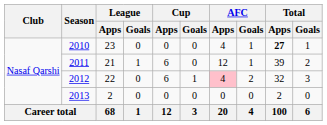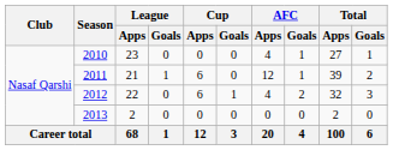 <table class="wikitable" style="font-size:90%; text-align:center;">
 <tr>
 <th rowspan="2">Club</th>
 <th rowspan="2">Season</th>
 <th colspan="2">League</th>
 <th colspan="2">Cup</th>
 <th colspan="2"><a href='#'>AFC</a></th>
 <th colspan="2">Total</th>
 </tr>
 <tr>
 <th>Apps</th>
 <th>Goals</th>
 <th>Apps</th>
 <th>Goals</th>
 <th>Apps</th>
 <th>Goals</th>
 <th>Apps</th>
 <th>Goals</th>
 </tr>
 <tr>
 <td rowspan="4"><a href='#'>Nasaf Qarshi</a></td>
 <td><a href='#'>2010</a></td>
 <td>23</td>
 <td>0</td>
 <td>0</td>
 <td>0</td>
 <td>4</td>
 <td>1</td>
-<td><strong>27</strong></td>
+<td>27</td>
 <td>1</td>
 </tr>
 <tr>
 <td><a href='#'>2011</a></td>
 <td>21</td>
 <td>1</td>
 <td>6</td>
 <td>0</td>
 <td>12</td>
 <td>1</td>
 <td>39</td>
 <td>2</td>
 </tr>
 <tr>
 <td><a href='#'>2012</a></td>
 <td>22</td>
 <td>0</td>
 <td>6</td>
 <td>1</td>
-<td style="background: pink;">4</td>
+<td>4</td>
 <td>2</td>
 <td>32</td>
 <td>3</td>
 </tr>
 <tr>
 <td><a href='#'>2013</a></td>
 <td>2</td>
 <td>0</td>
 <td>0</td>
 <td>0</td>
 <td>0</td>
 <td>0</td>
 <td>2</td>
 <td>0</td>
 </tr>
 <tr>
 <th colspan="2">Career total</th>
 <th>68</th>
 <th>1</th>
 <th>12</th>
 <th>3</th>
 <th>20</th>
 <th>4</th>
 <th>100</th>
 <th>6</th>
 </tr>
 </table>
